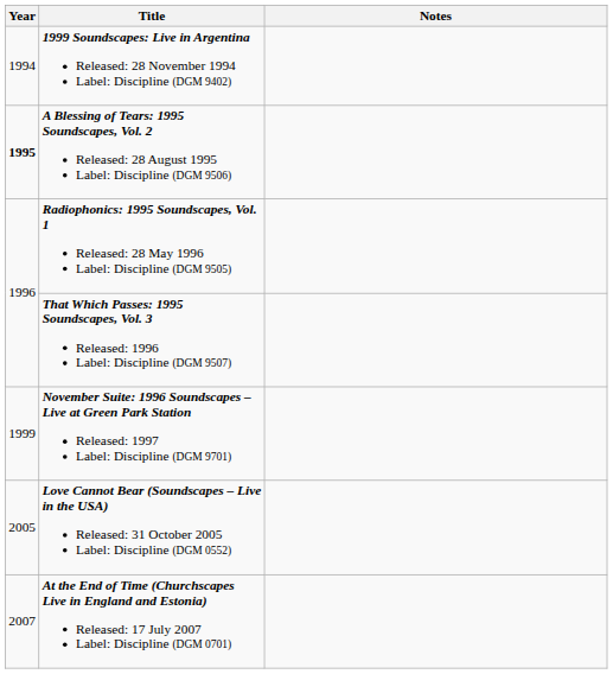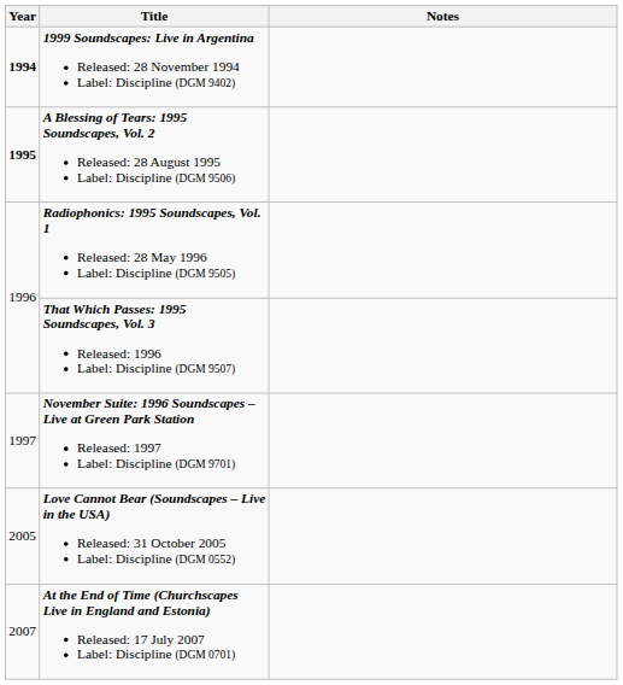 <table class="wikitable">
 <tr>
 <th width="33">Year</th>
 <th width="260">Title</th>
 <th width="400">Notes</th>
 </tr>
 <tr>
-<td align="center">1994</td>
+<td align="center"><strong>1994</strong></td>
 <td><strong><em>1999 Soundscapes: Live in Argentina</em></strong><br><ul><li>Released: 28 November 1994</li><li>Label: Discipline <small>(DGM 9402)</small></li></ul></td>
 <td></td>
 </tr>
 <tr>
 <td align="center"><strong>1995</strong></td>
 <td><strong><em>A Blessing of Tears: 1995 Soundscapes, Vol. 2</em></strong><br><ul><li>Released: 28 August 1995</li><li>Label: Discipline <small>(DGM 9506)</small></li></ul></td>
 <td></td>
 </tr>
 <tr>
 <td align="center" rowspan="2">1996</td>
 <td><strong><em>Radiophonics: 1995 Soundscapes, Vol. 1</em></strong><br><ul><li>Released: 28 May 1996</li><li>Label: Discipline <small>(DGM 9505)</small></li></ul></td>
 <td></td>
 </tr>
 <tr>
 <td><strong><em>That Which Passes: 1995 Soundscapes, Vol. 3</em></strong><br><ul><li>Released: 1996</li><li>Label: Discipline <small>(DGM 9507)</small></li></ul></td>
 <td></td>
 </tr>
 <tr>
-<td align="center">1999</td>
+<td align="center">1997</td>
 <td><strong><em>November Suite: 1996 Soundscapes – Live at Green Park Station</em></strong><br><ul><li>Released: 1997</li><li>Label: Discipline <small>(DGM 9701)</small></li></ul></td>
 <td></td>
 </tr>
 <tr>
 <td align="center">2005</td>
 <td><strong><em>Love Cannot Bear (Soundscapes – Live in the USA)</em></strong><br><ul><li>Released: 31 October 2005</li><li>Label: Discipline <small>(DGM 0552)</small></li></ul></td>
 <td></td>
 </tr>
 <tr>
 <td align="center">2007</td>
 <td><strong><em>At the End of Time (Churchscapes Live in England and Estonia)</em></strong><br><ul><li>Released: 17 July 2007</li><li>Label: Discipline <small>(DGM 0701)</small></li></ul></td>
 <td></td>
 </tr>
 </table>
